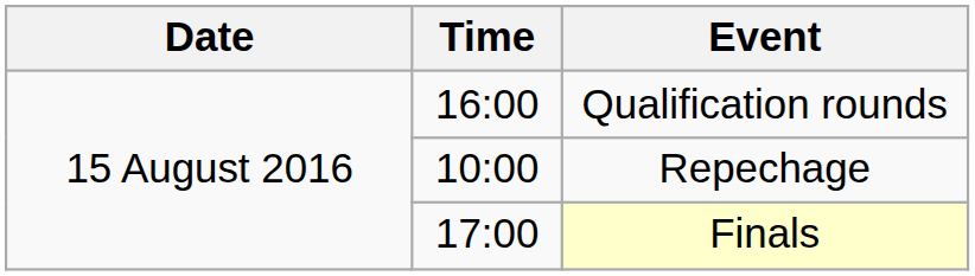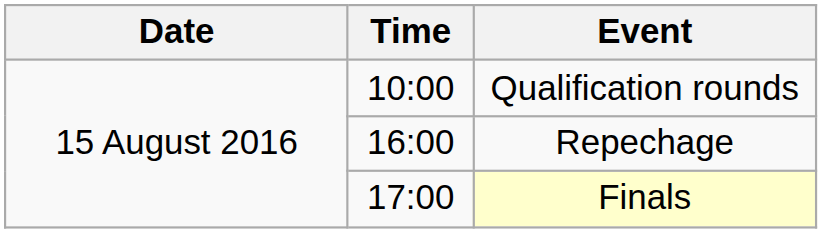 <table class = "wikitable" style="text-align:center;">
 <tr>
 <th width=150>Date</th>
 <th width=50>Time</th>
 <th width=150>Event</th>
 </tr>
 <tr>
 <td rowspan=3>15 August 2016</td>
-<td>16:00</td>
+<td>10:00</td>
 <td>Qualification rounds</td>
 </tr>
 <tr>
-<td>10:00</td>
+<td>16:00</td>
 <td>Repechage</td>
 </tr>
 <tr>
 <td>17:00</td>
 <td bgcolor=ffffcc>Finals</td>
 </tr>
 </table>
